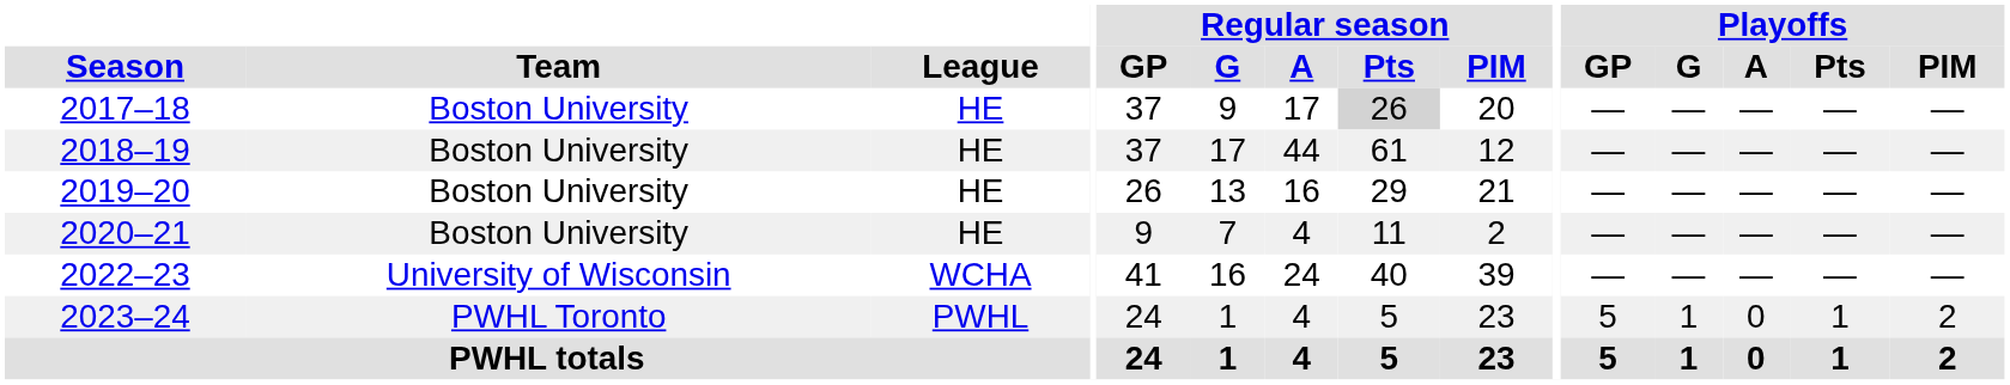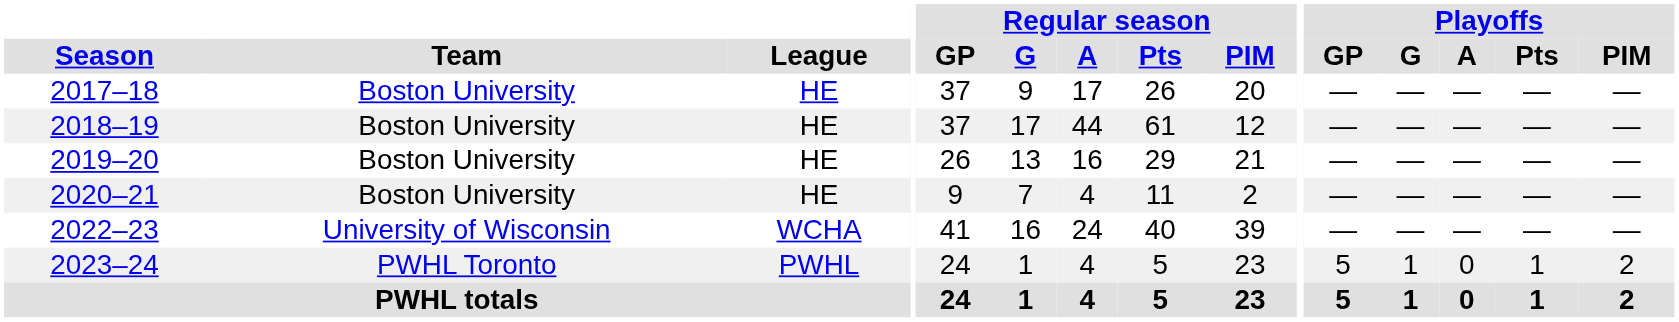 <table border="0" cellpadding="1" cellspacing="0" style="text-align:center; width:60em">
 <tr bgcolor="#e0e0e0">
 <th colspan="3" bgcolor="#ffffff"></th>
 <th rowspan="97" bgcolor="#ffffff"></th>
 <th colspan="5"><a href='#'>Regular season</a></th>
 <th rowspan="97" bgcolor="#ffffff"></th>
 <th colspan="5"><a href='#'>Playoffs</a></th>
 </tr>
 <tr bgcolor="#e0e0e0">
 <th><a href='#'>Season</a></th>
 <th>Team</th>
 <th>League</th>
 <th>GP</th>
 <th><a href='#'>G</a></th>
 <th><a href='#'>A</a></th>
 <th><a href='#'>Pts</a></th>
 <th><a href='#'>PIM</a></th>
 <th>GP</th>
 <th>G</th>
 <th>A</th>
 <th>Pts</th>
 <th>PIM</th>
 </tr>
 <tr>
 <td><a href='#'>2017–18</a></td>
 <td><a href='#'>Boston University</a></td>
 <td><a href='#'>HE</a></td>
 <td>37</td>
 <td>9</td>
 <td>17</td>
-<td style="background: lightgrey;">26</td>
+<td>26</td>
 <td>20</td>
 <td>—</td>
 <td>—</td>
 <td>—</td>
 <td>—</td>
 <td>—</td>
 </tr>
 <tr bgcolor="#f0f0f0">
 <td><a href='#'>2018–19</a></td>
 <td>Boston University</td>
 <td>HE</td>
 <td>37</td>
 <td>17</td>
 <td>44</td>
 <td>61</td>
 <td>12</td>
 <td>—</td>
 <td>—</td>
 <td>—</td>
 <td>—</td>
 <td>—</td>
 </tr>
 <tr>
 <td><a href='#'>2019–20</a></td>
 <td>Boston University</td>
 <td>HE</td>
 <td>26</td>
 <td>13</td>
 <td>16</td>
 <td>29</td>
 <td>21</td>
 <td>—</td>
 <td>—</td>
 <td>—</td>
 <td>—</td>
 <td>—</td>
 </tr>
 <tr bgcolor="#f0f0f0">
 <td><a href='#'>2020–21</a></td>
 <td>Boston University</td>
 <td>HE</td>
 <td>9</td>
 <td>7</td>
 <td>4</td>
 <td>11</td>
 <td>2</td>
 <td>—</td>
 <td>—</td>
 <td>—</td>
 <td>—</td>
 <td>—</td>
 </tr>
 <tr>
 <td><a href='#'>2022–23</a></td>
 <td><a href='#'>University of Wisconsin</a></td>
 <td><a href='#'>WCHA</a></td>
 <td>41</td>
 <td>16</td>
 <td>24</td>
 <td>40</td>
 <td>39</td>
 <td>—</td>
 <td>—</td>
 <td>—</td>
 <td>—</td>
 <td>—</td>
 </tr>
 <tr bgcolor="#f0f0f0">
 <td><a href='#'>2023–24</a></td>
 <td><a href='#'>PWHL Toronto</a></td>
 <td><a href='#'>PWHL</a></td>
 <td>24</td>
 <td>1</td>
 <td>4</td>
 <td>5</td>
 <td>23</td>
 <td>5</td>
 <td>1</td>
 <td>0</td>
 <td>1</td>
 <td>2</td>
 </tr>
 <tr bgcolor="#e0e0e0">
 <th colspan="3">PWHL totals</th>
 <th>24</th>
 <th>1</th>
 <th>4</th>
 <th>5</th>
 <th>23</th>
 <th>5</th>
 <th>1</th>
 <th>0</th>
 <th>1</th>
 <th>2</th>
 </tr>
 </table>
